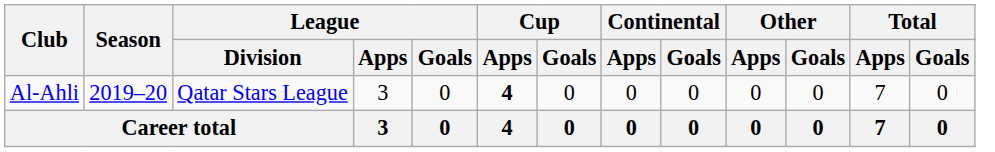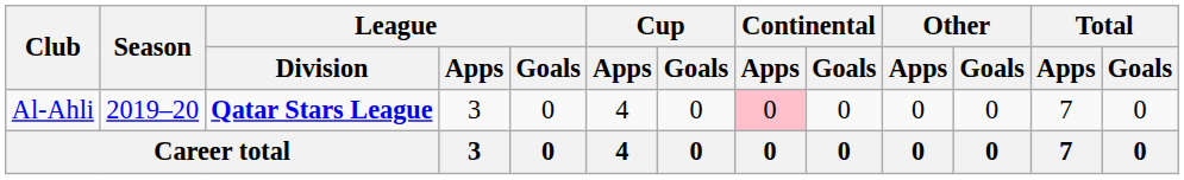 <table class="wikitable" style="text-align: center">
 <tr>
 <th rowspan="2">Club</th>
 <th rowspan="2">Season</th>
 <th colspan="3">League</th>
 <th colspan="2">Cup</th>
 <th colspan="2">Continental</th>
 <th colspan="2">Other</th>
 <th colspan="2">Total</th>
 </tr>
 <tr>
 <th>Division</th>
 <th>Apps</th>
 <th>Goals</th>
 <th>Apps</th>
 <th>Goals</th>
 <th>Apps</th>
 <th>Goals</th>
 <th>Apps</th>
 <th>Goals</th>
 <th>Apps</th>
 <th>Goals</th>
 </tr>
 <tr>
 <td><a href='#'>Al-Ahli</a></td>
 <td><a href='#'>2019–20</a></td>
-<td><a href='#'>Qatar Stars League</a></td>
+<td><strong><a href='#'>Qatar Stars League</a></strong></td>
 <td>3</td>
 <td>0</td>
-<td><strong>4</strong></td>
+<td>4</td>
 <td>0</td>
-<td>0</td>
+<td style="background: pink;">0</td>
 <td>0</td>
 <td>0</td>
 <td>0</td>
 <td>7</td>
 <td>0</td>
 </tr>
 <tr>
 <th colspan=3>Career total</th>
 <th>3</th>
 <th>0</th>
 <th>4</th>
 <th>0</th>
 <th>0</th>
 <th>0</th>
 <th>0</th>
 <th>0</th>
 <th>7</th>
 <th>0</th>
 </tr>
 </table>
